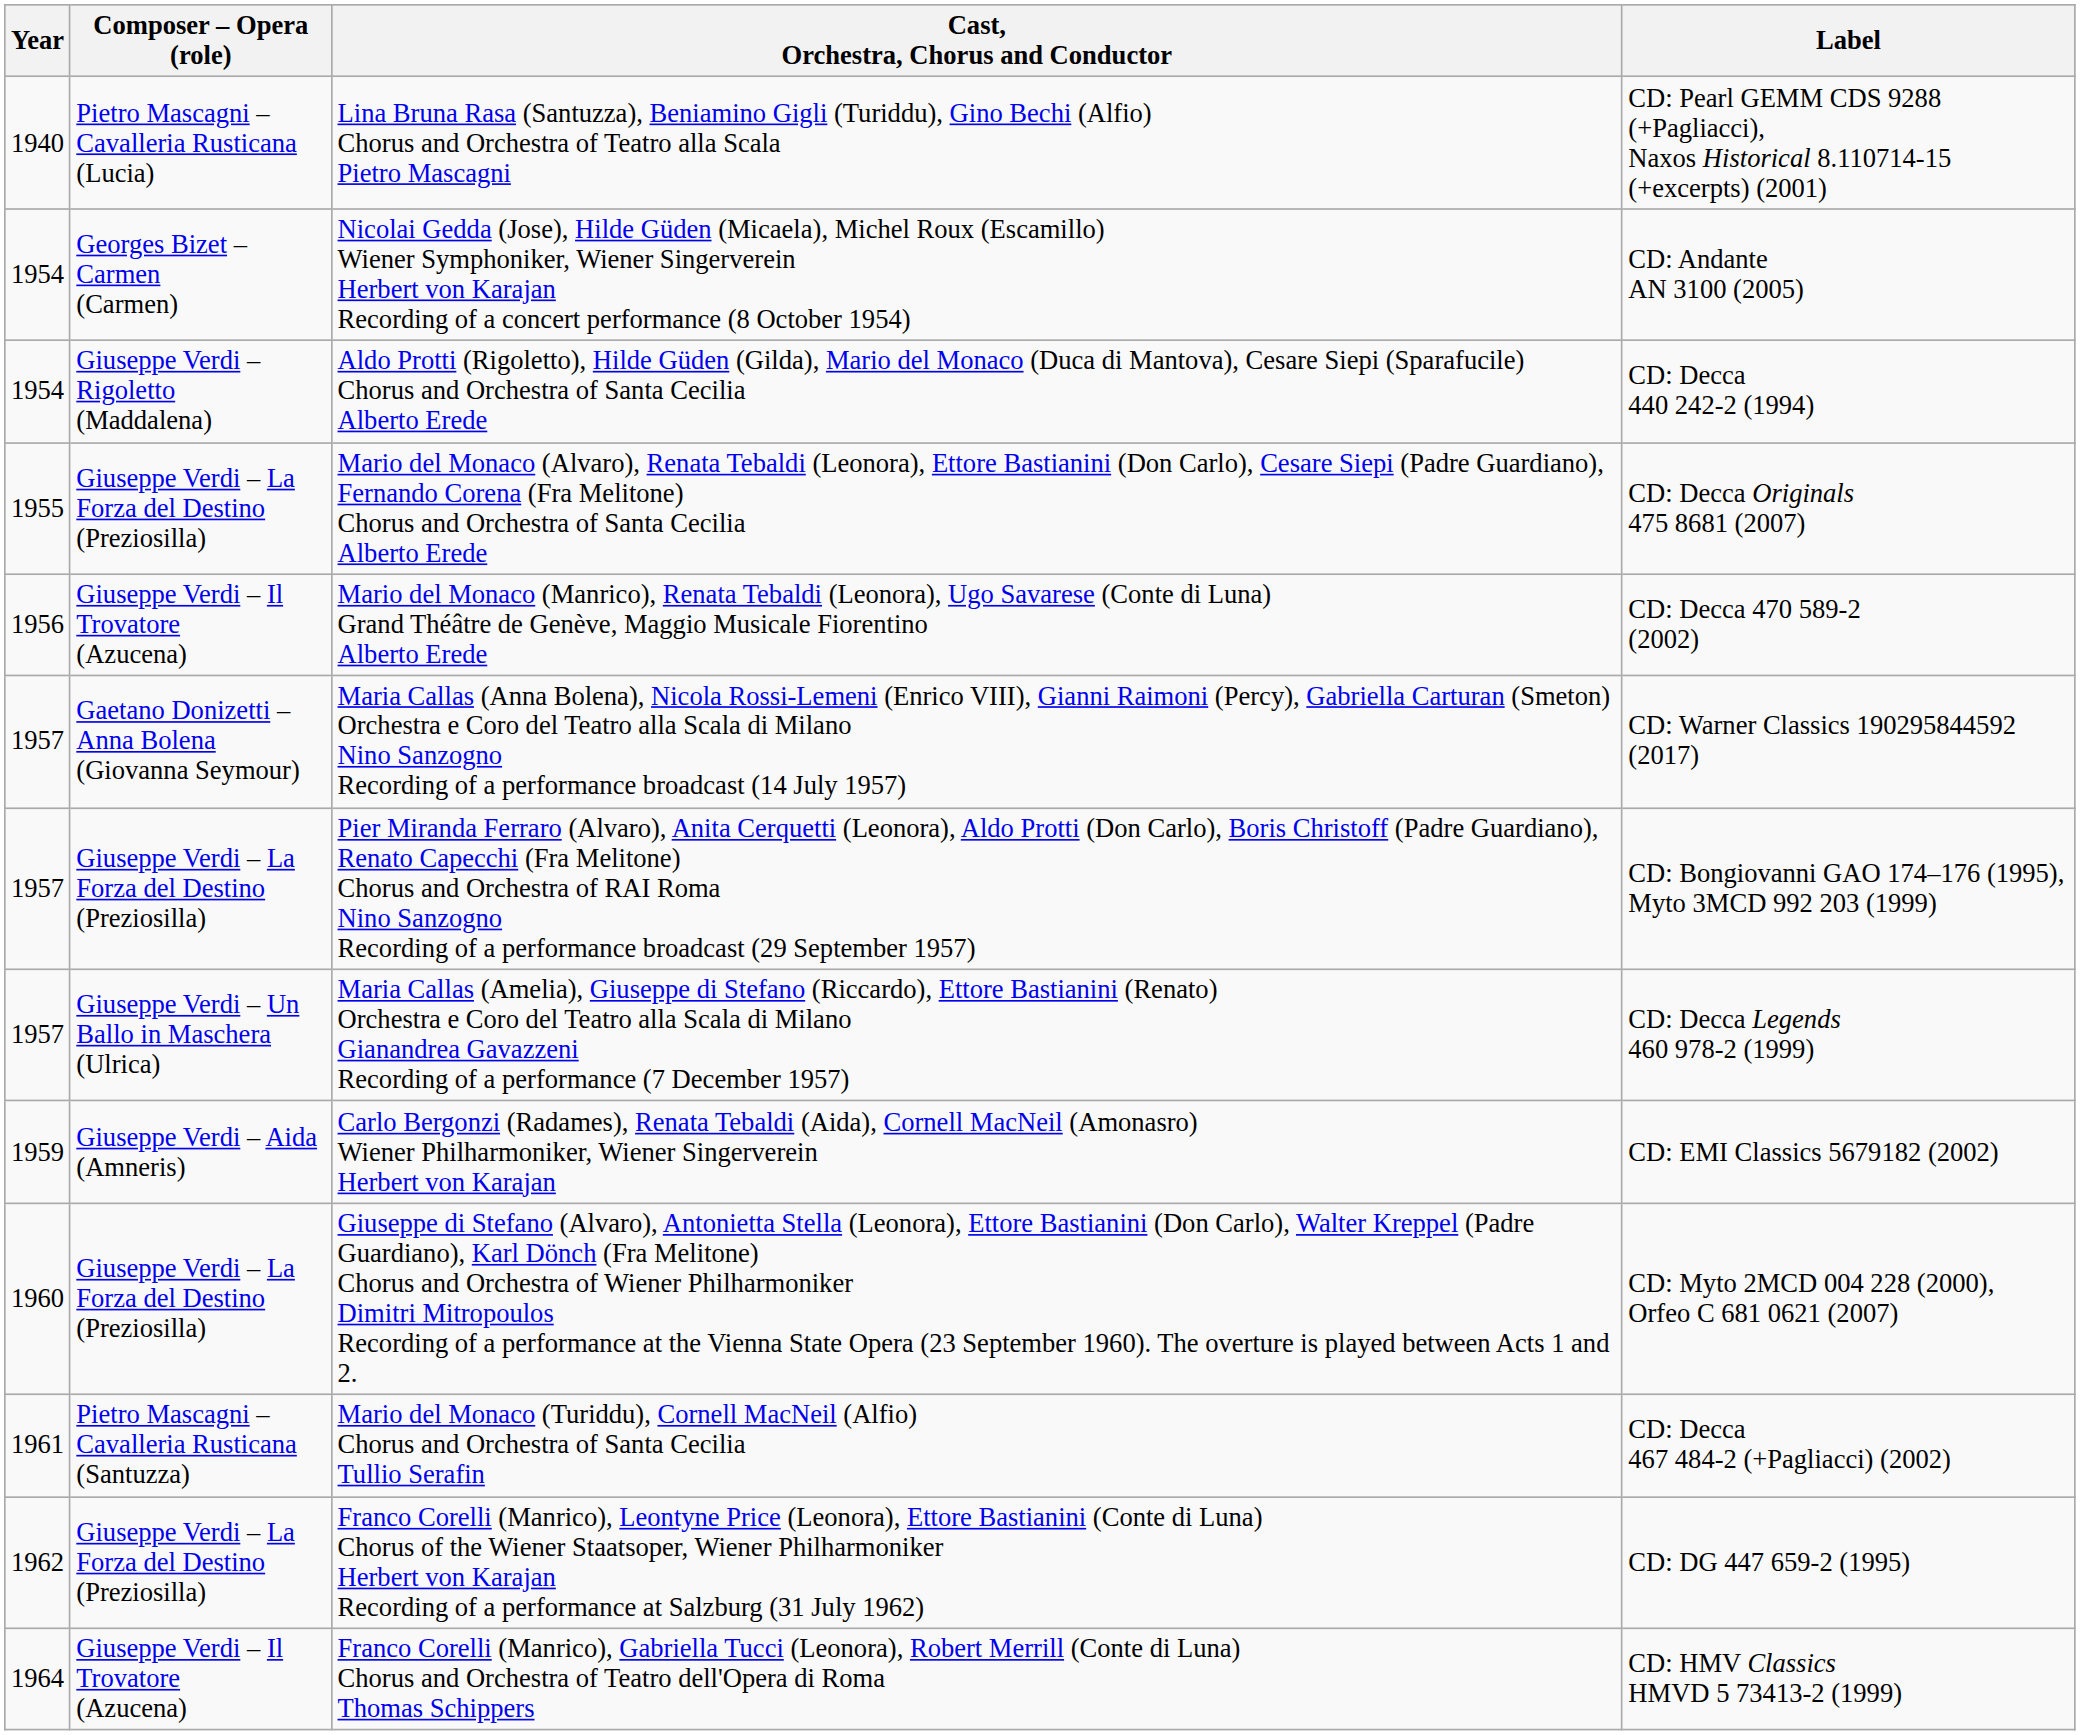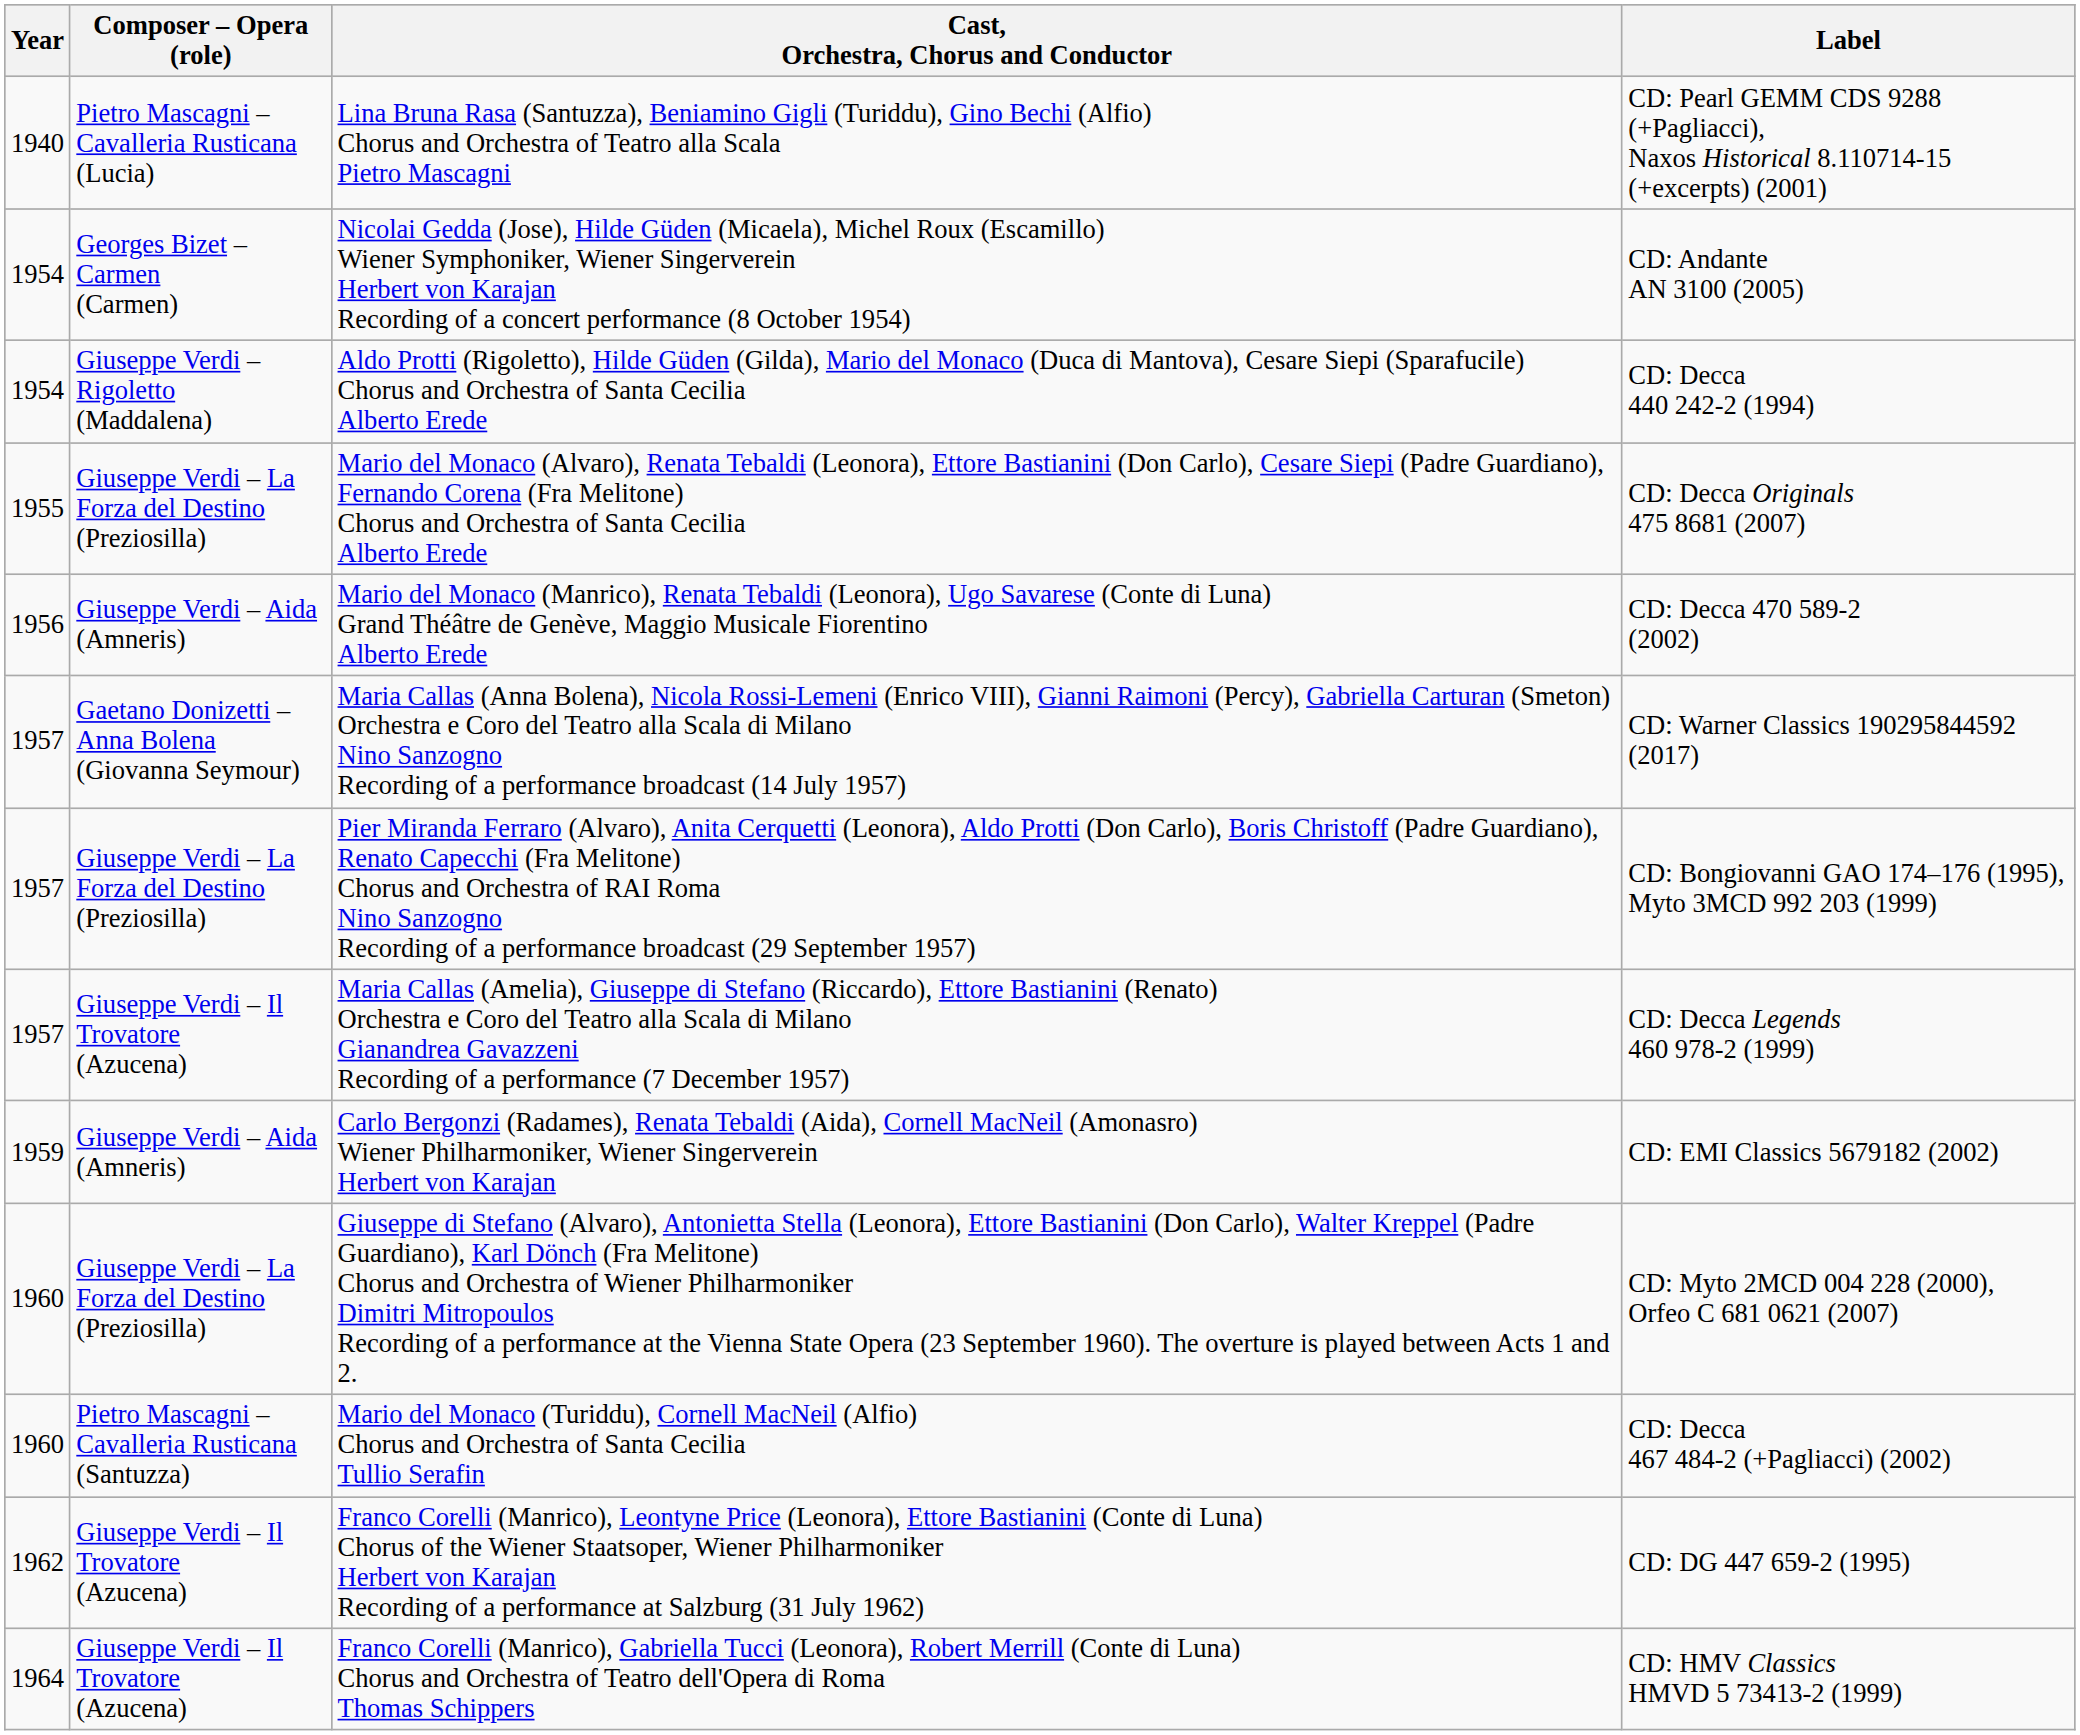 <table class="wikitable">
 <tr>
 <th>Year</th>
 <th style="width:150px;">Composer – Opera<br> (role)</th>
 <th>Cast,<br> Orchestra, Chorus and Conductor</th>
 <th>Label</th>
 </tr>
 <tr>
 <td>1940</td>
 <td><a href='#'>Pietro Mascagni</a> – <a href='#'>Cavalleria Rusticana</a> <br>(Lucia)</td>
 <td><a href='#'>Lina Bruna Rasa</a> (Santuzza), <a href='#'>Beniamino Gigli</a> (Turiddu), <a href='#'>Gino Bechi</a> (Alfio) <br> Chorus and Orchestra of Teatro alla Scala<br> <a href='#'>Pietro Mascagni</a></td>
 <td>CD: Pearl GEMM CDS 9288 (+Pagliacci),<br> Naxos <em>Historical</em> 8.110714-15 (+excerpts) (2001)</td>
 </tr>
 <tr>
 <td>1954</td>
 <td><a href='#'>Georges Bizet</a> – <a href='#'>Carmen</a><br>(Carmen)</td>
 <td><a href='#'>Nicolai Gedda</a> (Jose), <a href='#'>Hilde Güden</a> (Micaela), Michel Roux (Escamillo)<br> Wiener Symphoniker, Wiener Singerverein<br> <a href='#'>Herbert von Karajan</a><br>Recording of a concert performance (8 October 1954)</td>
 <td>CD: Andante<br> AN 3100 (2005)</td>
 </tr>
 <tr>
 <td>1954</td>
 <td><a href='#'>Giuseppe Verdi</a> – <a href='#'>Rigoletto</a><br>(Maddalena)</td>
 <td><a href='#'>Aldo Protti</a> (Rigoletto), <a href='#'>Hilde Güden</a> (Gilda), <a href='#'>Mario del Monaco</a> (Duca di Mantova), Cesare Siepi (Sparafucile)<br> Chorus and Orchestra of Santa Cecilia<br> <a href='#'>Alberto Erede</a></td>
 <td>CD: Decca<br> 440 242-2 (1994)</td>
 </tr>
 <tr>
 <td>1955</td>
 <td><a href='#'>Giuseppe Verdi</a> – <a href='#'>La Forza del Destino</a><br>(Preziosilla)</td>
 <td><a href='#'>Mario del Monaco</a> (Alvaro), <a href='#'>Renata Tebaldi</a> (Leonora), <a href='#'>Ettore Bastianini</a> (Don Carlo), <a href='#'>Cesare Siepi</a> (Padre Guardiano), <a href='#'>Fernando Corena</a> (Fra Melitone) <br> Chorus and Orchestra of Santa Cecilia<br> <a href='#'>Alberto Erede</a></td>
 <td>CD: Decca <em>Originals</em><br> 475 8681 (2007)</td>
 </tr>
 <tr>
 <td>1956</td>
-<td><a href='#'>Giuseppe Verdi</a> – <a href='#'>Il Trovatore</a> <br>(Azucena)</td>
+<td><a href='#'>Giuseppe Verdi</a> – <a href='#'>Aida</a> <br>(Amneris)</td>
 <td><a href='#'>Mario del Monaco</a> (Manrico), <a href='#'>Renata Tebaldi</a> (Leonora), <a href='#'>Ugo Savarese</a> (Conte di Luna) <br> Grand Théâtre de Genève, Maggio Musicale Fiorentino<br> <a href='#'>Alberto Erede</a></td>
 <td>CD: Decca 470 589-2<br> (2002)</td>
 </tr>
 <tr>
 <td>1957</td>
 <td><a href='#'>Gaetano Donizetti</a> – <a href='#'>Anna Bolena</a><br>(Giovanna Seymour)</td>
 <td><a href='#'>Maria Callas</a> (Anna Bolena), <a href='#'>Nicola Rossi-Lemeni</a> (Enrico VIII), <a href='#'>Gianni Raimoni</a> (Percy), <a href='#'>Gabriella Carturan</a> (Smeton)<br> Orchestra e Coro del Teatro alla Scala di Milano<br> <a href='#'>Nino Sanzogno</a><br>Recording of a performance broadcast (14 July 1957)</td>
 <td>CD: Warner Classics 190295844592 (2017)</td>
 </tr>
 <tr>
 <td>1957</td>
 <td><a href='#'>Giuseppe Verdi</a> – <a href='#'>La Forza del Destino</a><br>(Preziosilla)</td>
 <td><a href='#'>Pier Miranda Ferraro</a> (Alvaro), <a href='#'>Anita Cerquetti</a> (Leonora), <a href='#'>Aldo Protti</a> (Don Carlo), <a href='#'>Boris Christoff</a> (Padre Guardiano), <a href='#'>Renato Capecchi</a> (Fra Melitone) <br> Chorus and Orchestra of RAI Roma<br> <a href='#'>Nino Sanzogno</a><br>Recording of a performance broadcast (29 September 1957)</td>
 <td>CD: Bongiovanni GAO 174–176 (1995),<br> Myto 3MCD 992 203 (1999)</td>
 </tr>
 <tr>
 <td>1957</td>
-<td><a href='#'>Giuseppe Verdi</a> – <a href='#'>Un Ballo in Maschera</a><br>(Ulrica)</td>
+<td><a href='#'>Giuseppe Verdi</a> – <a href='#'>Il Trovatore</a> <br>(Azucena)</td>
 <td><a href='#'>Maria Callas</a> (Amelia), <a href='#'>Giuseppe di Stefano</a> (Riccardo), <a href='#'>Ettore Bastianini</a> (Renato) <br> Orchestra e Coro del Teatro alla Scala di Milano<br> <a href='#'>Gianandrea Gavazzeni</a><br>Recording of a performance (7 December 1957)</td>
 <td>CD: Decca <em>Legends</em> <br>460 978-2 (1999)</td>
 </tr>
 <tr>
 <td>1959</td>
 <td><a href='#'>Giuseppe Verdi</a> – <a href='#'>Aida</a> <br>(Amneris)</td>
 <td><a href='#'>Carlo Bergonzi</a> (Radames), <a href='#'>Renata Tebaldi</a> (Aida), <a href='#'>Cornell MacNeil</a> (Amonasro) <br> Wiener Philharmoniker, Wiener Singerverein<br> <a href='#'>Herbert von Karajan</a></td>
 <td>CD: EMI Classics 5679182 (2002)</td>
 </tr>
 <tr>
 <td>1960</td>
 <td><a href='#'>Giuseppe Verdi</a> – <a href='#'>La Forza del Destino</a><br>(Preziosilla)</td>
 <td><a href='#'>Giuseppe di Stefano</a> (Alvaro), <a href='#'>Antonietta Stella</a> (Leonora), <a href='#'>Ettore Bastianini</a> (Don Carlo), <a href='#'>Walter Kreppel</a> (Padre Guardiano), <a href='#'>Karl Dönch</a> (Fra Melitone) <br> Chorus and Orchestra of Wiener Philharmoniker<br> <a href='#'>Dimitri Mitropoulos</a><br>Recording of a performance at the Vienna State Opera (23 September 1960). The overture is played between Acts 1 and 2.</td>
 <td>CD: Myto 2MCD 004 228 (2000),<br> Orfeo C 681 0621 (2007)</td>
 </tr>
 <tr>
-<td>1961</td>
+<td>1960</td>
 <td><a href='#'>Pietro Mascagni</a> – <a href='#'>Cavalleria Rusticana</a> <br>(Santuzza)</td>
 <td><a href='#'>Mario del Monaco</a> (Turiddu), <a href='#'>Cornell MacNeil</a> (Alfio) <br> Chorus and Orchestra of Santa Cecilia<br> <a href='#'>Tullio Serafin</a></td>
 <td>CD: Decca<br> 467 484-2 (+Pagliacci) (2002)</td>
 </tr>
 <tr>
 <td>1962</td>
-<td><a href='#'>Giuseppe Verdi</a> – <a href='#'>La Forza del Destino</a><br>(Preziosilla)</td>
+<td><a href='#'>Giuseppe Verdi</a> – <a href='#'>Il Trovatore</a> <br>(Azucena)</td>
 <td><a href='#'>Franco Corelli</a> (Manrico), <a href='#'>Leontyne Price</a> (Leonora), <a href='#'>Ettore Bastianini</a> (Conte di Luna) <br>Chorus of the Wiener Staatsoper, Wiener Philharmoniker<br> <a href='#'>Herbert von Karajan</a><br>Recording of a performance at Salzburg (31 July 1962)</td>
 <td>CD: DG 447 659-2 (1995)</td>
 </tr>
 <tr>
 <td>1964</td>
 <td><a href='#'>Giuseppe Verdi</a> – <a href='#'>Il Trovatore</a> <br>(Azucena)</td>
 <td><a href='#'>Franco Corelli</a> (Manrico), <a href='#'>Gabriella Tucci</a> (Leonora), <a href='#'>Robert Merrill</a> (Conte di Luna) <br> Chorus and Orchestra of Teatro dell'Opera di Roma<br> <a href='#'>Thomas Schippers</a></td>
 <td>CD: HMV <em>Classics</em> <br>HMVD 5 73413-2 (1999)</td>
 </tr>
 </table>
